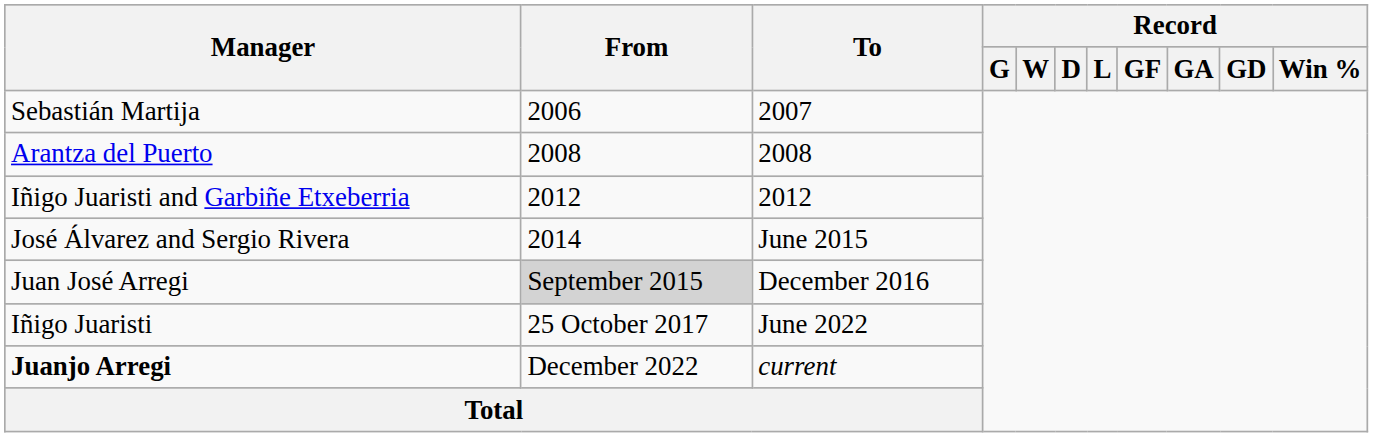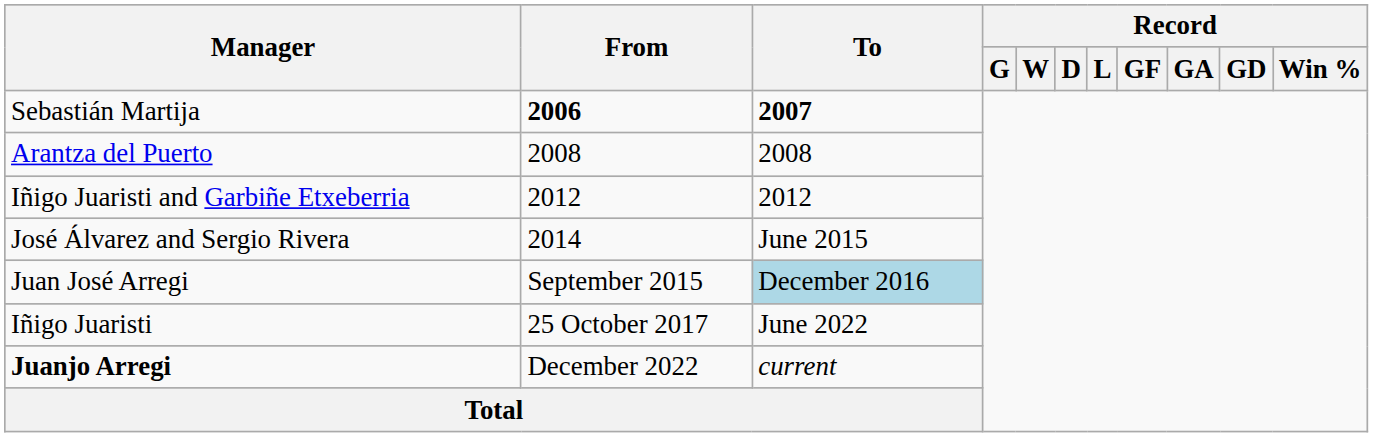 <table class="wikitable" style="text-align: center">
 <tr>
 <th rowspan="2" style="width:300px;">Manager</th>
 <th rowspan="2" style="width:130px;">From</th>
 <th rowspan="2" style="width:130px;">To</th>
 <th colspan="8">Record</th>
 </tr>
 <tr>
 <th>G</th>
 <th>W</th>
 <th>D</th>
 <th>L</th>
 <th>GF</th>
 <th>GA</th>
 <th>GD</th>
 <th>Win %</th>
 </tr>
 <tr>
 <td style="text-align:left;"> Sebastián Martija</td>
-<td style="text-align:left;">2006</td>
-<td align="left">2007<br></td>
+<td style="text-align:left;"><strong>2006</strong></td>
+<td align="left"><strong>2007<br></strong></td>
 </tr>
 <tr>
 <td style="text-align:left;"> <a href='#'>Arantza del Puerto</a></td>
 <td style="text-align:left;">2008</td>
 <td align="left">2008<br></td>
 </tr>
 <tr>
 <td style="text-align:left;"> Iñigo Juaristi and  <a href='#'>Garbiñe Etxeberria</a></td>
 <td style="text-align:left;">2012</td>
 <td style="text-align:left;">2012<br></td>
 </tr>
 <tr>
 <td style="text-align:left;"> José Álvarez and  Sergio Rivera</td>
 <td style="text-align:left;">2014</td>
 <td align="left">June 2015<br></td>
 </tr>
 <tr>
 <td style="text-align:left;"> Juan José Arregi</td>
-<td style="background: lightgrey; text-align:left;">September 2015</td>
-<td align="left">December 2016<br></td>
+<td style="text-align:left;">September 2015</td>
+<td align="left" style="background: lightblue;">December 2016<br></td>
 </tr>
 <tr>
 <td style="text-align:left;"> Iñigo Juaristi</td>
 <td style="text-align:left;">25 October 2017</td>
 <td align="left">June 2022<br></td>
 </tr>
 <tr>
 <td style="text-align:left;"> <strong>Juanjo Arregi</strong></td>
 <td style="text-align:left;">December 2022</td>
 <td align="left"><em>current</em><br></td>
 </tr>
 <tr>
 <th colspan="3">Total<br></th>
 </tr>
 </table>
